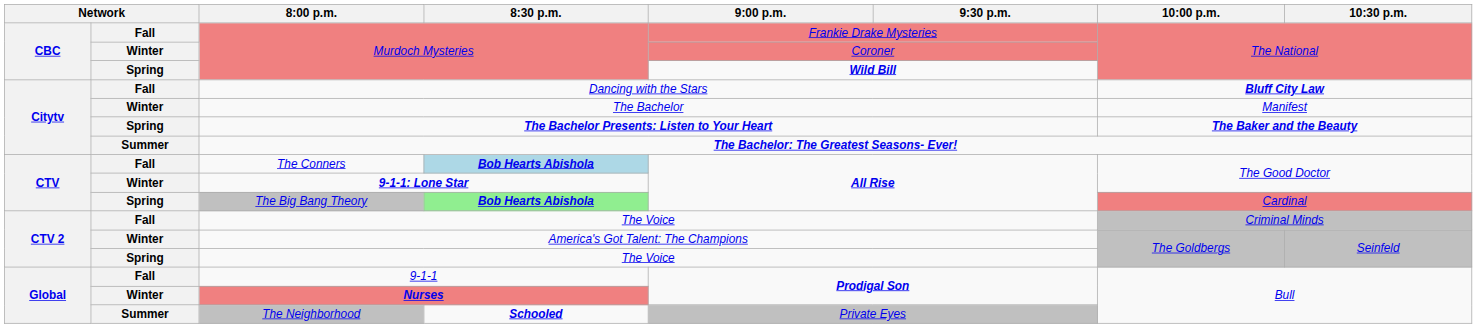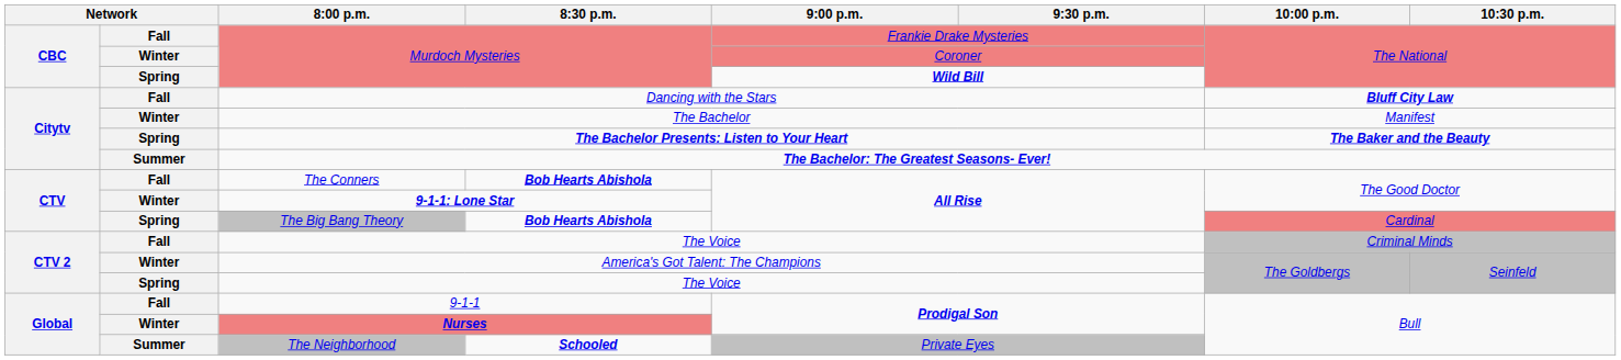 <table class="wikitable" style="width:100%;margin-right:0;text-align:center">
 <tr>
 <th colspan="2" style="width:13%;">Network</th>
 <th style="width:15%;">8:00 p.m.</th>
 <th style="width:15%;">8:30 p.m.</th>
 <th style="width:15%;">9:00 p.m.</th>
 <th style="width:15%;">9:30 p.m.</th>
 <th style="width:12.5%;">10:00 p.m.</th>
 <th style="width:12.5%;">10:30 p.m.</th>
 </tr>
 <tr>
 <th rowspan=3><a href='#'>CBC</a></th>
 <th>Fall</th>
 <td colspan=2 rowspan=3 style=background:#f08080><em><a href='#'>Murdoch Mysteries</a></em></td>
 <td colspan=2 style=background:#f08080><em><a href='#'>Frankie Drake Mysteries</a></em></td>
 <td colspan=2 rowspan=3 style=background:#f08080><em><a href='#'>The National</a></em></td>
 </tr>
 <tr>
 <th>Winter</th>
 <td colspan=2 style=background:#f08080><em><a href='#'>Coroner</a></em></td>
 </tr>
 <tr>
 <th>Spring</th>
 <td colspan=2><strong><em><a href='#'>Wild Bill</a></em></strong></td>
 </tr>
 <tr>
 <th rowspan=4><a href='#'>Citytv</a></th>
 <th>Fall</th>
 <td colspan=4><em><a href='#'>Dancing with the Stars</a></em></td>
 <td colspan=2><strong><em><a href='#'>Bluff City Law</a></em></strong></td>
 </tr>
 <tr>
 <th>Winter</th>
 <td colspan=4><em><a href='#'>The Bachelor</a></em></td>
 <td colspan=2><em><a href='#'>Manifest</a></em></td>
 </tr>
 <tr>
 <th>Spring</th>
 <td colspan=4><strong><em><a href='#'>The Bachelor Presents: Listen to Your Heart</a></em></strong></td>
 <td colspan=2><strong><em><a href='#'>The Baker and the Beauty</a></em></strong></td>
 </tr>
 <tr>
 <th>Summer</th>
 <td colspan=6><strong><em><a href='#'>The Bachelor: The Greatest Seasons- Ever!</a></em></strong></td>
 </tr>
 <tr>
 <th rowspan=3><a href='#'>CTV</a></th>
 <th>Fall</th>
 <td><em><a href='#'>The Conners</a></em></td>
-<td style="background: lightblue;"><strong><em><a href='#'>Bob Hearts Abishola</a></em></strong></td>
+<td><strong><em><a href='#'>Bob Hearts Abishola</a></em></strong></td>
 <td colspan=2 rowspan=3><strong><em><a href='#'>All Rise</a></em></strong></td>
 <td colspan=2 rowspan=2><em><a href='#'>The Good Doctor</a></em></td>
 </tr>
 <tr>
 <th>Winter</th>
 <td colspan=2><strong><em><a href='#'>9-1-1: Lone Star</a></em></strong></td>
 </tr>
 <tr>
 <th>Spring</th>
 <td style=background:silver><em><a href='#'>The Big Bang Theory</a></em> </td>
-<td style="background: lightgreen;"><strong><em><a href='#'>Bob Hearts Abishola</a></em></strong></td>
+<td><strong><em><a href='#'>Bob Hearts Abishola</a></em></strong></td>
 <td style=background:#f08080  colspan=2><em><a href='#'>Cardinal</a></em></td>
 </tr>
 <tr>
 <th rowspan=3><a href='#'>CTV 2</a></th>
 <th>Fall</th>
 <td colspan=4><em><a href='#'>The Voice</a></em></td>
 <td colspan=2 style=background:silver><em><a href='#'>Criminal Minds</a></em> </td>
 </tr>
 <tr>
 <th>Winter</th>
 <td colspan=4><em><a href='#'>America's Got Talent: The Champions</a></em></td>
 <td rowspan=2 style=background:silver><em><a href='#'>The Goldbergs</a></em> </td>
 <td rowspan=2 style=background:silver><em><a href='#'>Seinfeld</a></em> </td>
 </tr>
 <tr>
 <th>Spring</th>
 <td colspan=4><em><a href='#'>The Voice</a></em></td>
 </tr>
 <tr>
 <th rowspan="3"><a href='#'>Global</a></th>
 <th>Fall</th>
 <td colspan="2"><em><a href='#'>9-1-1</a></em></td>
 <td colspan="2" rowspan="2"><strong><em><a href='#'>Prodigal Son</a></em></strong></td>
 <td colspan="2" rowspan="3"><em><a href='#'>Bull</a></em></td>
 </tr>
 <tr>
 <th>Winter</th>
 <td colspan="2" style="background:#f08080;"><strong><em><a href='#'>Nurses</a></em></strong></td>
 </tr>
 <tr>
 <th>Summer</th>
 <td style=background:silver><em><a href='#'>The Neighborhood</a></em> </td>
 <td><strong><em><a href='#'>Schooled</a></em></strong></td>
 <td style=background:silver colspan=2><em><a href='#'>Private Eyes</a></em> </td>
 </tr>
 </table>
